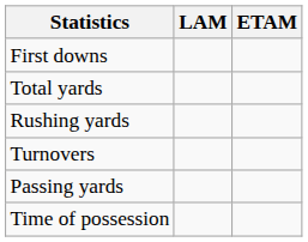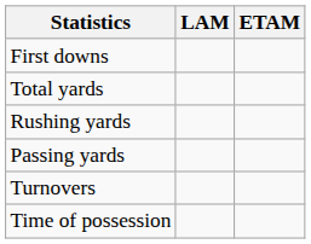 <table class="wikitable" style="float:left">
 <tr>
 <th>Statistics</th>
 <th>LAM</th>
 <th>ETAM</th>
 </tr>
 <tr>
 <td>First downs</td>
 <td></td>
 <td></td>
 </tr>
 <tr>
 <td>Total yards</td>
 <td></td>
 <td></td>
 </tr>
 <tr>
 <td>Rushing yards</td>
 <td></td>
 <td></td>
 </tr>
 <tr>
-<td>Turnovers</td>
+<td>Passing yards</td>
 <td></td>
 <td></td>
 </tr>
 <tr>
-<td>Passing yards</td>
+<td>Turnovers</td>
 <td></td>
 <td></td>
 </tr>
 <tr>
 <td>Time of possession</td>
 <td></td>
 <td></td>
 </tr>
 </table>
